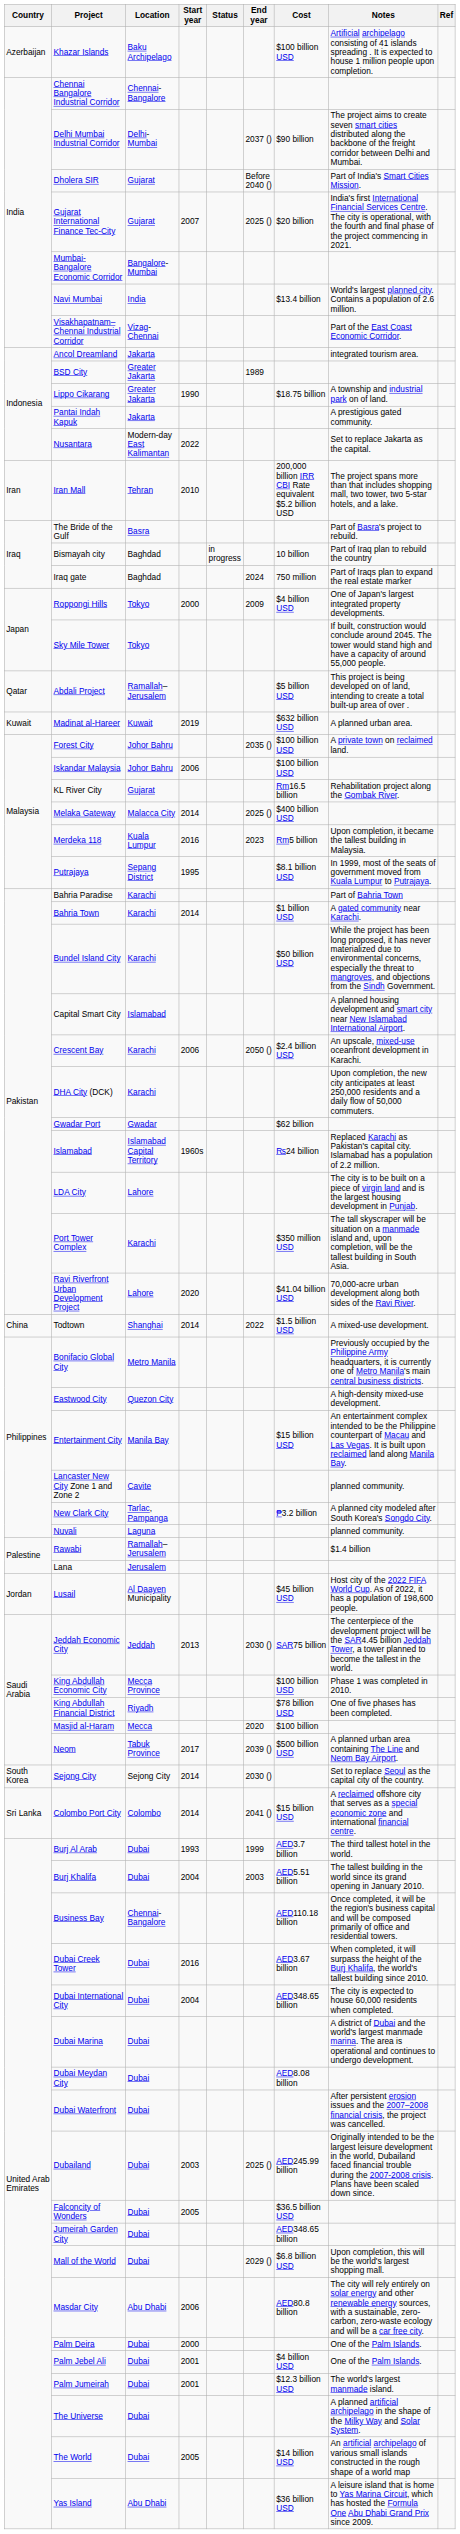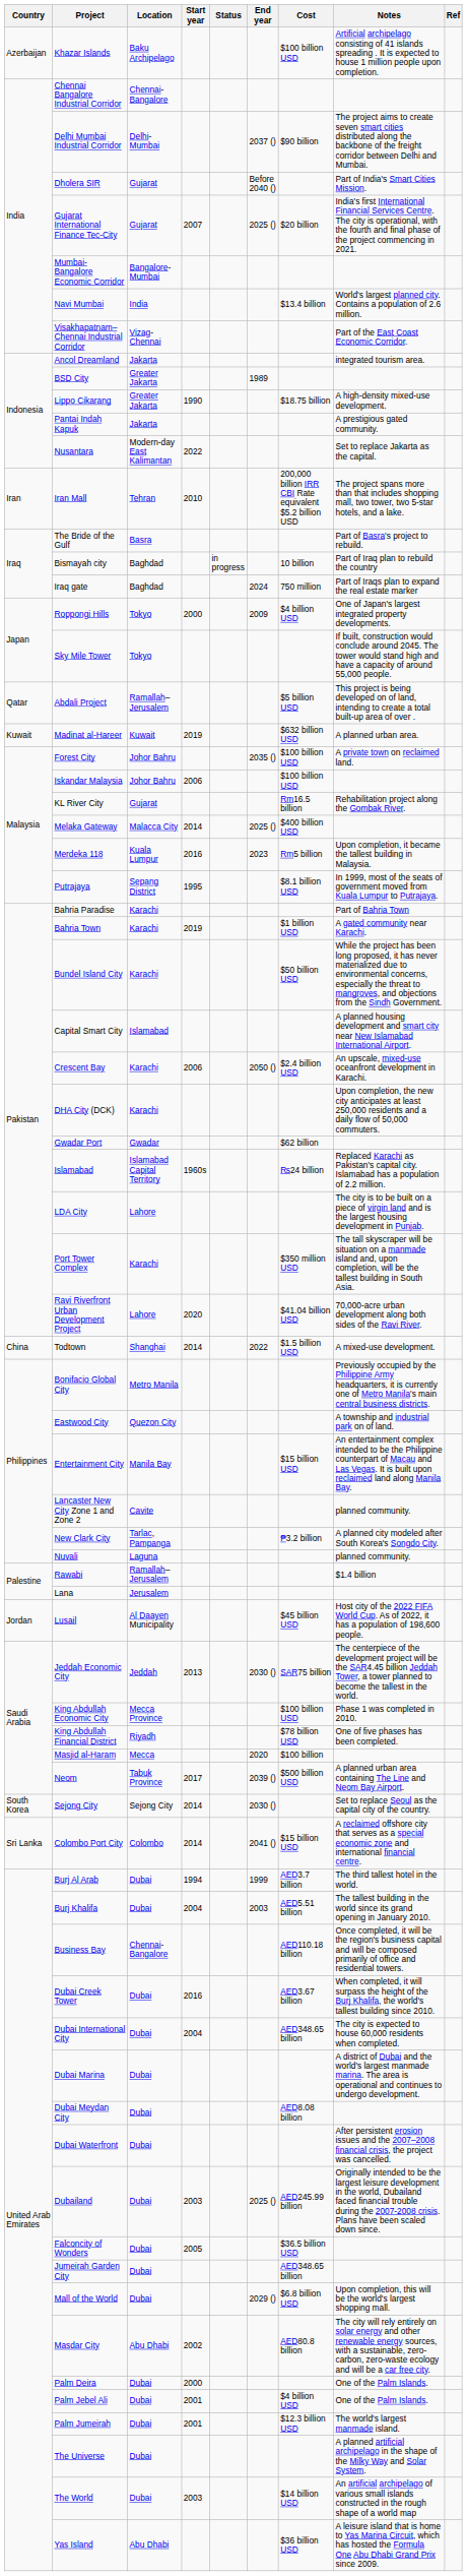 <table class="wikitable sortable">
 <tr>
 <th>Country</th>
 <th>Project</th>
 <th>Location</th>
 <th>Start year</th>
 <th>Status</th>
 <th>End year</th>
 <th>Cost</th>
 <th class="unsortable">Notes</th>
 <th class="unsortable">Ref</th>
 </tr>
 <tr>
 <td>Azerbaijan</td>
 <td><a href='#'>Khazar Islands</a></td>
 <td><a href='#'>Baku Archipelago</a></td>
 <td></td>
 <td></td>
 <td></td>
 <td>$100 billion <a href='#'>USD</a></td>
 <td><a href='#'>Artificial</a> <a href='#'>archipelago</a> consisting of 41 islands spreading . It is expected to house 1 million people upon completion.</td>
 <td></td>
 </tr>
 <tr>
 <td rowspan="7">India</td>
 <td><a href='#'>Chennai Bangalore Industrial Corridor</a></td>
 <td><a href='#'>Chennai</a>-<a href='#'>Bangalore</a></td>
 <td></td>
 <td></td>
 <td></td>
 <td></td>
 <td></td>
 <td></td>
 </tr>
 <tr>
 <td><a href='#'>Delhi Mumbai Industrial Corridor</a></td>
 <td><a href='#'>Delhi</a>-<a href='#'>Mumbai</a></td>
 <td></td>
 <td></td>
 <td>2037 ()</td>
 <td>$90 billion</td>
 <td>The project aims to create seven <a href='#'>smart cities</a> distributed along the backbone of the freight corridor between Delhi and Mumbai.</td>
 <td></td>
 </tr>
 <tr>
 <td><a href='#'>Dholera SIR</a></td>
 <td><a href='#'>Gujarat</a></td>
 <td></td>
 <td></td>
 <td>Before 2040 ()</td>
 <td></td>
 <td>Part of India's <a href='#'>Smart Cities Mission</a>.</td>
 <td></td>
 </tr>
 <tr>
 <td><a href='#'>Gujarat International Finance Tec-City</a></td>
 <td><a href='#'>Gujarat</a></td>
 <td>2007</td>
 <td></td>
 <td>2025 ()</td>
 <td>$20 billion</td>
 <td>India's first <a href='#'>International Financial Services Centre</a>. The city is operational, with the fourth and final phase of the project commencing in 2021.</td>
 <td></td>
 </tr>
 <tr>
 <td><a href='#'>Mumbai-Bangalore Economic Corridor</a></td>
 <td><a href='#'>Bangalore</a>-<a href='#'>Mumbai</a></td>
 <td></td>
 <td></td>
 <td></td>
 <td></td>
 <td></td>
 <td></td>
 </tr>
 <tr>
 <td><a href='#'>Navi Mumbai</a></td>
 <td><a href='#'>India</a></td>
 <td></td>
 <td></td>
 <td></td>
 <td>$13.4 billion</td>
 <td>World's largest <a href='#'>planned city</a>. Contains a population of 2.6 million.</td>
 <td></td>
 </tr>
 <tr>
 <td><a href='#'>Visakhapatnam–Chennai Industrial Corridor</a></td>
 <td><a href='#'>Vizag</a>-<a href='#'>Chennai</a></td>
 <td></td>
 <td></td>
 <td></td>
 <td></td>
 <td>Part of the <a href='#'>East Coast Economic Corridor</a>.</td>
 <td></td>
 </tr>
 <tr>
 <td rowspan="5">Indonesia</td>
 <td><a href='#'>Ancol Dreamland</a></td>
 <td><a href='#'>Jakarta</a></td>
 <td></td>
 <td></td>
 <td></td>
 <td></td>
 <td> integrated tourism area.</td>
 <td></td>
 </tr>
 <tr>
 <td><a href='#'>BSD City</a></td>
 <td><a href='#'>Greater Jakarta</a></td>
 <td></td>
 <td></td>
 <td>1989</td>
 <td></td>
 <td></td>
 <td></td>
 </tr>
 <tr>
 <td><a href='#'>Lippo Cikarang</a></td>
 <td><a href='#'>Greater Jakarta</a></td>
 <td>1990</td>
 <td></td>
 <td></td>
 <td>$18.75 billion</td>
-<td>A township and <a href='#'>industrial park</a> on  of land.</td>
+<td>A high-density mixed-use development.</td>
 <td></td>
 </tr>
 <tr>
 <td><a href='#'>Pantai Indah Kapuk</a></td>
 <td><a href='#'>Jakarta</a></td>
 <td></td>
 <td></td>
 <td></td>
 <td></td>
 <td>A prestigious gated community.</td>
 <td></td>
 </tr>
 <tr>
 <td><a href='#'>Nusantara</a></td>
 <td>Modern-day <a href='#'>East Kalimantan</a></td>
 <td>2022</td>
 <td></td>
 <td></td>
 <td></td>
 <td>Set to replace Jakarta as the capital.</td>
 <td></td>
 </tr>
 <tr>
 <td>Iran</td>
 <td><a href='#'>Iran Mall</a></td>
 <td><a href='#'>Tehran</a></td>
 <td>2010</td>
 <td></td>
 <td></td>
 <td>200,000 billion <a href='#'>IRR</a><br><a href='#'>CBI</a> Rate equivalent $5.2 billion USD</td>
 <td>The project spans more than  that includes shopping mall, two tower, two 5-star hotels, and a lake.</td>
 <td></td>
 </tr>
 <tr>
 <td rowspan="3">Iraq</td>
 <td>The Bride of the Gulf</td>
 <td><a href='#'>Basra</a></td>
 <td></td>
 <td></td>
 <td></td>
 <td></td>
 <td>Part of <a href='#'>Basra</a>'s project to rebuild.</td>
 <td></td>
 </tr>
 <tr>
 <td>Bismayah city</td>
 <td>Baghdad</td>
 <td></td>
 <td>in progress</td>
 <td></td>
 <td>10 billion</td>
 <td>Part of Iraq plan to rebuild the country</td>
 <td></td>
 </tr>
 <tr>
 <td>Iraq gate</td>
 <td>Baghdad</td>
 <td></td>
 <td></td>
 <td>2024</td>
 <td>750 million</td>
 <td>Part of Iraqs plan to expand the real estate marker</td>
 <td></td>
 </tr>
 <tr>
 <td rowspan="2">Japan</td>
 <td><a href='#'>Roppongi Hills</a></td>
 <td><a href='#'>Tokyo</a></td>
 <td>2000</td>
 <td></td>
 <td>2009</td>
 <td>$4 billion <a href='#'>USD</a></td>
 <td>One of Japan's largest integrated property developments.</td>
 <td></td>
 </tr>
 <tr>
 <td><a href='#'>Sky Mile Tower</a></td>
 <td><a href='#'>Tokyo</a></td>
 <td></td>
 <td></td>
 <td></td>
 <td></td>
 <td>If built, construction would conclude around 2045. The tower would stand  high and have a capacity of around 55,000 people.</td>
 <td></td>
 </tr>
 <tr>
 <td>Qatar</td>
 <td><a href='#'>Abdali Project</a></td>
 <td><a href='#'>Ramallah</a>–<a href='#'>Jerusalem</a></td>
 <td></td>
 <td></td>
 <td></td>
 <td>$5 billion <a href='#'>USD</a></td>
 <td>This project is being developed on  of land, intending to create a total built-up area of over .</td>
 <td></td>
 </tr>
 <tr>
 <td>Kuwait</td>
 <td><a href='#'>Madinat al-Hareer</a></td>
 <td><a href='#'>Kuwait</a></td>
 <td>2019</td>
 <td></td>
 <td></td>
 <td>$632 billion <a href='#'>USD</a></td>
 <td>A  planned urban area.</td>
 <td></td>
 </tr>
 <tr>
 <td rowspan="6">Malaysia</td>
 <td><a href='#'>Forest City</a></td>
 <td><a href='#'>Johor Bahru</a></td>
 <td></td>
 <td></td>
 <td>2035 ()</td>
 <td>$100 billion <a href='#'>USD</a></td>
 <td>A <a href='#'>private town</a> on <a href='#'>reclaimed</a> land.</td>
 <td></td>
 </tr>
 <tr>
 <td><a href='#'>Iskandar Malaysia</a></td>
 <td><a href='#'>Johor Bahru</a></td>
 <td>2006</td>
 <td></td>
 <td></td>
 <td>$100 billion <a href='#'>USD</a></td>
 <td></td>
 <td></td>
 </tr>
 <tr>
 <td>KL River City</td>
 <td><a href='#'>Gujarat</a></td>
 <td></td>
 <td></td>
 <td></td>
 <td><a href='#'>Rm</a>16.5 billion</td>
 <td>Rehabilitation project along the <a href='#'>Gombak River</a>.</td>
 <td></td>
 </tr>
 <tr>
 <td><a href='#'>Melaka Gateway</a></td>
 <td><a href='#'>Malacca City</a></td>
 <td>2014</td>
 <td></td>
 <td>2025 ()</td>
 <td>$400 billion <a href='#'>USD</a></td>
 <td></td>
 <td></td>
 </tr>
 <tr>
 <td><a href='#'>Merdeka 118</a></td>
 <td><a href='#'>Kuala Lumpur</a></td>
 <td>2016</td>
 <td></td>
 <td>2023</td>
 <td><a href='#'>Rm</a>5 billion</td>
 <td>Upon completion, it became the tallest building in Malaysia.</td>
 <td></td>
 </tr>
 <tr>
 <td><a href='#'>Putrajaya</a></td>
 <td><a href='#'>Sepang District</a></td>
 <td>1995</td>
 <td></td>
 <td></td>
 <td>$8.1 billion <a href='#'>USD</a></td>
 <td>In 1999, most of the seats of government moved from <a href='#'>Kuala Lumpur</a> to <a href='#'>Putrajaya</a>.</td>
 <td></td>
 </tr>
 <tr>
 <td rowspan="11">Pakistan</td>
 <td>Bahria Paradise</td>
 <td><a href='#'>Karachi</a></td>
 <td></td>
 <td></td>
 <td></td>
 <td></td>
 <td>Part of <a href='#'>Bahria Town</a></td>
 <td></td>
 </tr>
 <tr>
 <td><a href='#'>Bahria Town</a></td>
 <td><a href='#'>Karachi</a></td>
-<td>2014</td>
+<td>2019</td>
 <td></td>
 <td></td>
 <td>$1 billion <a href='#'>USD</a></td>
 <td>A <a href='#'>gated community</a> near <a href='#'>Karachi</a>.</td>
 <td></td>
 </tr>
 <tr>
 <td><a href='#'>Bundel Island City</a></td>
 <td><a href='#'>Karachi</a></td>
 <td></td>
 <td></td>
 <td></td>
 <td>$50 billion <a href='#'>USD</a></td>
 <td>While the project has been long proposed, it has never materialized due to environmental concerns, especially the threat to <a href='#'>mangroves</a>, and objections from the <a href='#'>Sindh</a> Government.</td>
 <td></td>
 </tr>
 <tr>
 <td>Capital Smart City</td>
 <td><a href='#'>Islamabad</a></td>
 <td></td>
 <td></td>
 <td></td>
 <td></td>
 <td>A planned housing development and <a href='#'>smart city</a> near <a href='#'>New Islamabad International Airport</a>.</td>
 <td></td>
 </tr>
 <tr>
 <td><a href='#'>Crescent Bay</a></td>
 <td><a href='#'>Karachi</a></td>
 <td>2006</td>
 <td></td>
 <td>2050 ()</td>
 <td>$2.4 billion <a href='#'>USD</a></td>
 <td>An upscale, <a href='#'>mixed-use</a> oceanfront development in Karachi.</td>
 <td></td>
 </tr>
 <tr>
 <td><a href='#'>DHA City</a> (DCK)</td>
 <td><a href='#'>Karachi</a></td>
 <td></td>
 <td></td>
 <td></td>
 <td></td>
 <td>Upon completion, the new city anticipates at least 250,000 residents and a daily flow of 50,000 commuters.</td>
 <td></td>
 </tr>
 <tr>
 <td><a href='#'>Gwadar Port</a></td>
 <td><a href='#'>Gwadar</a></td>
 <td></td>
 <td></td>
 <td></td>
 <td>$62 billion</td>
 <td></td>
 <td></td>
 </tr>
 <tr>
 <td><a href='#'>Islamabad</a></td>
 <td><a href='#'>Islamabad Capital Territory</a></td>
 <td>1960s</td>
 <td></td>
 <td></td>
 <td><a href='#'>₨</a>24 billion</td>
 <td>Replaced <a href='#'>Karachi</a> as Pakistan's capital city. Islamabad has a population of 2.2 million.</td>
 <td></td>
 </tr>
 <tr>
 <td><a href='#'>LDA City</a></td>
 <td><a href='#'>Lahore</a></td>
 <td></td>
 <td></td>
 <td></td>
 <td></td>
 <td>The city is to be built on a  piece of <a href='#'>virgin land</a> and is the largest housing development in <a href='#'>Punjab</a>.</td>
 <td></td>
 </tr>
 <tr>
 <td><a href='#'>Port Tower Complex</a></td>
 <td><a href='#'>Karachi</a></td>
 <td></td>
 <td></td>
 <td></td>
 <td>$350 million <a href='#'>USD</a></td>
 <td>The  tall skyscraper will be situation on a <a href='#'>manmade</a> island and, upon completion, will be the tallest building in South Asia.</td>
 <td></td>
 </tr>
 <tr>
 <td><a href='#'>Ravi Riverfront Urban Development Project</a></td>
 <td><a href='#'>Lahore</a></td>
 <td>2020</td>
 <td></td>
 <td></td>
 <td>$41.04 billion <a href='#'>USD</a></td>
 <td>70,000-acre urban development along both sides of the <a href='#'>Ravi River</a>.</td>
 <td></td>
 </tr>
 <tr>
 <td>China</td>
 <td>Todtown</td>
 <td><a href='#'>Shanghai</a></td>
 <td>2014</td>
 <td></td>
 <td>2022</td>
 <td>$1.5 billion <a href='#'>USD</a></td>
 <td>A mixed-use development.</td>
 <td></td>
 </tr>
 <tr>
 <td rowspan="6">Philippines</td>
 <td><a href='#'>Bonifacio Global City</a></td>
 <td><a href='#'>Metro Manila</a></td>
 <td></td>
 <td></td>
 <td></td>
 <td></td>
 <td>Previously occupied by the <a href='#'>Philippine Army</a> headquarters, it is currently one of <a href='#'>Metro Manila</a>'s main <a href='#'>central business districts</a>.</td>
 <td></td>
 </tr>
 <tr>
 <td><a href='#'>Eastwood City</a></td>
 <td><a href='#'>Quezon City</a></td>
 <td></td>
 <td></td>
 <td></td>
 <td></td>
-<td>A high-density mixed-use development.</td>
+<td>A township and <a href='#'>industrial park</a> on  of land.</td>
 <td></td>
 </tr>
 <tr>
 <td><a href='#'>Entertainment City</a></td>
 <td><a href='#'>Manila Bay</a></td>
 <td></td>
 <td></td>
 <td></td>
 <td>$15 billion <a href='#'>USD</a></td>
 <td>An entertainment complex intended to be the Philippine counterpart of <a href='#'>Macau</a> and <a href='#'>Las Vegas</a>. It is built upon <a href='#'>reclaimed</a> land along <a href='#'>Manila Bay</a>.</td>
 <td></td>
 </tr>
 <tr>
 <td><a href='#'>Lancaster New City</a> Zone 1 and Zone 2</td>
 <td><a href='#'>Cavite</a></td>
 <td></td>
 <td></td>
 <td></td>
 <td></td>
 <td> planned community.</td>
 <td></td>
 </tr>
 <tr>
 <td><a href='#'>New Clark City</a></td>
 <td><a href='#'>Tarlac</a>, <a href='#'>Pampanga</a></td>
 <td></td>
 <td></td>
 <td></td>
 <td><a href='#'>₱</a>3.2 billion</td>
 <td>A  planned city modeled after South Korea's <a href='#'>Songdo City</a>.</td>
 <td></td>
 </tr>
 <tr>
 <td><a href='#'>Nuvali</a></td>
 <td><a href='#'>Laguna</a></td>
 <td></td>
 <td></td>
 <td></td>
 <td></td>
 <td> planned community.</td>
 <td></td>
 </tr>
 <tr>
 <td rowspan="2">Palestine</td>
 <td><a href='#'>Rawabi</a></td>
 <td><a href='#'>Ramallah</a>–<a href='#'>Jerusalem</a></td>
 <td></td>
 <td></td>
 <td></td>
 <td></td>
 <td>$1.4 billion</td>
 <td></td>
 </tr>
 <tr>
 <td>Lana</td>
 <td><a href='#'>Jerusalem</a></td>
 <td></td>
 <td></td>
 <td></td>
 <td></td>
 <td></td>
 <td></td>
 </tr>
 <tr>
 <td>Jordan</td>
 <td><a href='#'>Lusail</a></td>
 <td><a href='#'>Al Daayen</a> Municipality</td>
 <td></td>
 <td></td>
 <td></td>
 <td>$45 billion <a href='#'>USD</a></td>
 <td>Host city of the <a href='#'>2022 FIFA World Cup</a>. As of 2022, it has a population of 198,600 people.</td>
 <td></td>
 </tr>
 <tr>
 <td rowspan="5">Saudi Arabia</td>
 <td><a href='#'>Jeddah Economic City</a></td>
 <td><a href='#'>Jeddah</a></td>
 <td>2013</td>
 <td></td>
 <td>2030 ()</td>
 <td><a href='#'>SAR</a>75 billion</td>
 <td>The centerpiece of the development project will be the <a href='#'>SAR</a>4.45 billion <a href='#'>Jeddah Tower</a>, a tower planned to become the tallest in the world.</td>
 <td></td>
 </tr>
 <tr>
 <td><a href='#'>King Abdullah Economic City</a></td>
 <td><a href='#'>Mecca Province</a></td>
 <td></td>
 <td></td>
 <td></td>
 <td>$100 billion <a href='#'>USD</a></td>
 <td>Phase 1 was completed in 2010.</td>
 <td></td>
 </tr>
 <tr>
 <td><a href='#'>King Abdullah Financial District</a></td>
 <td><a href='#'>Riyadh</a></td>
 <td></td>
 <td></td>
 <td></td>
 <td>$78 billion <a href='#'>USD</a></td>
 <td>One of five phases has been completed.</td>
 <td></td>
 </tr>
 <tr>
 <td><a href='#'>Masjid al-Haram</a></td>
 <td><a href='#'>Mecca</a></td>
 <td></td>
 <td></td>
 <td>2020</td>
 <td>$100 billion</td>
 <td></td>
 <td></td>
 </tr>
 <tr>
 <td><a href='#'>Neom</a></td>
 <td><a href='#'>Tabuk Province</a></td>
 <td>2017</td>
 <td></td>
 <td>2039 ()</td>
 <td>$500 billion <a href='#'>USD</a></td>
 <td>A planned urban area containing <a href='#'>The Line</a> and <a href='#'>Neom Bay Airport</a>.</td>
 <td></td>
 </tr>
 <tr>
 <td>South Korea</td>
 <td><a href='#'>Sejong City</a></td>
 <td>Sejong City</td>
 <td>2014</td>
 <td></td>
 <td>2030 ()</td>
 <td></td>
 <td>Set to replace <a href='#'>Seoul</a> as the capital city of the country.</td>
 <td></td>
 </tr>
 <tr>
 <td>Sri Lanka</td>
 <td><a href='#'>Colombo Port City</a></td>
 <td><a href='#'>Colombo</a></td>
 <td>2014</td>
 <td></td>
 <td>2041 ()</td>
 <td>$15 billion <a href='#'>USD</a></td>
 <td>A <a href='#'>reclaimed</a> offshore city that serves as a <a href='#'>special economic zone</a> and international <a href='#'>financial centre</a>.</td>
 <td></td>
 </tr>
 <tr>
 <td rowspan="19">United Arab Emirates</td>
 <td><a href='#'>Burj Al Arab</a></td>
 <td><a href='#'>Dubai</a></td>
-<td>1993</td>
+<td>1994</td>
 <td></td>
 <td>1999</td>
 <td><a href='#'>AED</a>3.7 billion</td>
 <td>The third tallest hotel in the world.</td>
 <td></td>
 </tr>
 <tr>
 <td><a href='#'>Burj Khalifa</a></td>
 <td><a href='#'>Dubai</a></td>
 <td>2004</td>
 <td></td>
 <td>2003</td>
 <td><a href='#'>AED</a>5.51 billion</td>
 <td>The tallest building in the world since its grand opening in January 2010.</td>
 <td></td>
 </tr>
 <tr>
 <td><a href='#'>Business Bay</a></td>
 <td><a href='#'>Chennai</a>-<a href='#'>Bangalore</a></td>
 <td></td>
 <td></td>
 <td></td>
 <td><a href='#'>AED</a>110.18 billion</td>
 <td>Once completed, it will be the region's business capital and will be composed primarily of office and residential towers.</td>
 <td></td>
 </tr>
 <tr>
 <td><a href='#'>Dubai Creek Tower</a></td>
 <td><a href='#'>Dubai</a></td>
 <td>2016</td>
 <td></td>
 <td></td>
 <td><a href='#'>AED</a>3.67 billion</td>
 <td>When completed, it will surpass the height of the <a href='#'>Burj Khalifa</a>, the world's tallest building since 2010.</td>
 <td></td>
 </tr>
 <tr>
 <td><a href='#'>Dubai International City</a></td>
 <td><a href='#'>Dubai</a></td>
 <td>2004</td>
 <td></td>
 <td></td>
 <td><a href='#'>AED</a>348.65 billion</td>
 <td>The city is expected to house 60,000 residents when completed.</td>
 <td></td>
 </tr>
 <tr>
 <td><a href='#'>Dubai Marina</a></td>
 <td><a href='#'>Dubai</a></td>
 <td></td>
 <td></td>
 <td></td>
 <td></td>
 <td>A district of <a href='#'>Dubai</a> and the world's largest manmade <a href='#'>marina</a>. The area is operational and continues to undergo development.</td>
 <td></td>
 </tr>
 <tr>
 <td><a href='#'>Dubai Meydan City</a></td>
 <td><a href='#'>Dubai</a></td>
 <td></td>
 <td></td>
 <td></td>
 <td><a href='#'>AED</a>8.08 billion</td>
 <td></td>
 <td></td>
 </tr>
 <tr>
 <td><a href='#'>Dubai Waterfront</a></td>
 <td><a href='#'>Dubai</a></td>
 <td></td>
 <td></td>
 <td></td>
 <td></td>
 <td>After persistent <a href='#'>erosion</a> issues and the <a href='#'>2007–2008 financial crisis</a>, the project was cancelled.</td>
 <td></td>
 </tr>
 <tr>
 <td><a href='#'>Dubailand</a></td>
 <td><a href='#'>Dubai</a></td>
 <td>2003</td>
 <td></td>
 <td>2025 ()</td>
 <td><a href='#'>AED</a>245.99 billion</td>
 <td>Originally intended to be the largest leisure development in the world, Dubailand faced financial trouble during the <a href='#'>2007-2008 crisis</a>. Plans have been scaled down since.</td>
 <td></td>
 </tr>
 <tr>
 <td><a href='#'>Falconcity of Wonders</a></td>
 <td><a href='#'>Dubai</a></td>
 <td>2005</td>
 <td></td>
 <td></td>
 <td>$36.5 billion <a href='#'>USD</a></td>
 <td></td>
 <td></td>
 </tr>
 <tr>
 <td><a href='#'>Jumeirah Garden City</a></td>
 <td><a href='#'>Dubai</a></td>
 <td></td>
 <td></td>
 <td></td>
 <td><a href='#'>AED</a>348.65 billion</td>
 <td></td>
 <td></td>
 </tr>
 <tr>
 <td><a href='#'>Mall of the World</a></td>
 <td><a href='#'>Dubai</a></td>
 <td></td>
 <td></td>
 <td>2029 ()</td>
 <td>$6.8 billion <a href='#'>USD</a></td>
 <td>Upon completion, this will be the world's largest shopping mall.</td>
 <td></td>
 </tr>
 <tr>
 <td><a href='#'>Masdar City</a></td>
 <td><a href='#'>Abu Dhabi</a></td>
-<td>2006</td>
+<td>2002</td>
 <td></td>
 <td></td>
 <td><a href='#'>AED</a>80.8 billion</td>
 <td>The city will rely entirely on <a href='#'>solar energy</a> and other <a href='#'>renewable energy</a> sources, with a sustainable, zero-carbon, zero-waste ecology and will be a <a href='#'>car free city</a>.</td>
 <td></td>
 </tr>
 <tr>
 <td><a href='#'>Palm Deira</a></td>
 <td><a href='#'>Dubai</a></td>
 <td>2000</td>
 <td></td>
 <td></td>
 <td></td>
 <td>One of the <a href='#'>Palm Islands</a>.</td>
 <td></td>
 </tr>
 <tr>
 <td><a href='#'>Palm Jebel Ali</a></td>
 <td><a href='#'>Dubai</a></td>
 <td>2001</td>
 <td></td>
 <td></td>
 <td>$4 billion <a href='#'>USD</a></td>
 <td>One of the <a href='#'>Palm Islands</a>.</td>
 <td></td>
 </tr>
 <tr>
 <td><a href='#'>Palm Jumeirah</a></td>
 <td><a href='#'>Dubai</a></td>
 <td>2001</td>
 <td></td>
 <td></td>
 <td>$12.3 billion <a href='#'>USD</a></td>
 <td>The world's largest <a href='#'>manmade</a> island.</td>
 <td></td>
 </tr>
 <tr>
 <td><a href='#'>The Universe</a></td>
 <td><a href='#'>Dubai</a></td>
 <td></td>
 <td></td>
 <td></td>
 <td></td>
 <td>A planned <a href='#'>artificial</a> <a href='#'>archipelago</a> in the shape of the <a href='#'>Milky Way</a> and <a href='#'>Solar System</a>.</td>
 <td></td>
 </tr>
 <tr>
 <td><a href='#'>The World</a></td>
 <td><a href='#'>Dubai</a></td>
-<td>2005</td>
+<td>2003</td>
 <td></td>
 <td></td>
 <td>$14 billion <a href='#'>USD</a></td>
 <td>An <a href='#'>artificial</a> <a href='#'>archipelago</a> of various small islands constructed in the rough shape of a world map</td>
 <td></td>
 </tr>
 <tr>
 <td><a href='#'>Yas Island</a></td>
 <td><a href='#'>Abu Dhabi</a></td>
 <td></td>
 <td></td>
 <td></td>
 <td>$36 billion <a href='#'>USD</a></td>
 <td>A leisure island that is home to <a href='#'>Yas Marina Circuit</a>, which has hosted the <a href='#'>Formula One</a> <a href='#'>Abu Dhabi Grand Prix</a> since 2009.</td>
 <td></td>
 </tr>
 </table>
